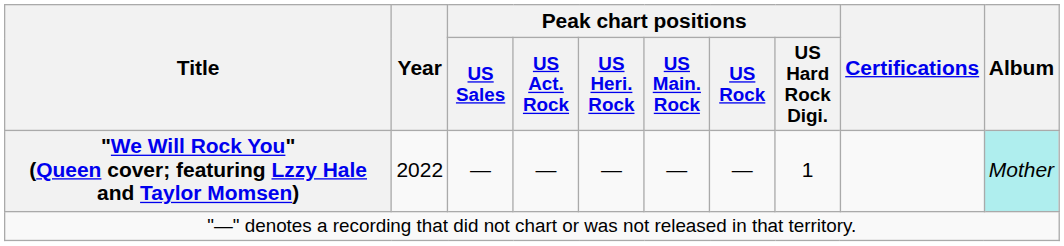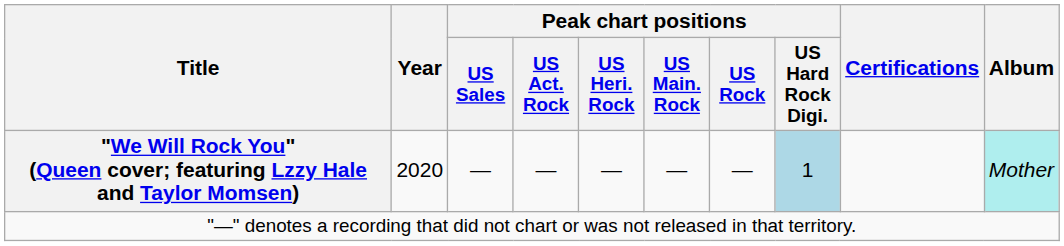 <table class="wikitable plainrowheaders" style="text-align:center;">
 <tr>
 <th scope="col" rowspan="2" style="width:18em;">Title</th>
 <th scope="col" rowspan="2">Year</th>
 <th scope="col" colspan="6">Peak chart positions</th>
 <th scope="col" rowspan="2"><a href='#'>Certifications</a></th>
 <th scope="col" rowspan="2">Album</th>
 </tr>
 <tr>
 <th scope="col" style="width:3em;font-size:90%;"><a href='#'>US<br>Sales</a><br></th>
 <th scope="col" style="width:3em;font-size:90%;"><a href='#'>US<br>Act.<br>Rock</a><br></th>
 <th scope="col" style="width:3em;font-size:90%;"><a href='#'>US<br>Heri.<br>Rock</a><br></th>
 <th scope="col" style="width:3em;font-size:90%;"><a href='#'>US<br>Main.<br>Rock</a><br></th>
 <th scope="col" style="width:3em;font-size:90%;"><a href='#'>US<br>Rock</a><br></th>
 <th scope="col" style="width:3em;font-size:90%;">US Hard Rock Digi.</th>
 </tr>
 <tr>
 <th scope="row">"<a href='#'>We Will Rock You</a>"<br><span>(<a href='#'>Queen</a> cover; featuring <a href='#'>Lzzy Hale</a> and <a href='#'>Taylor Momsen</a>)</span></th>
-<td>2022</td>
+<td>2020</td>
 <td>—</td>
 <td>—</td>
 <td>—</td>
 <td>—</td>
 <td>—</td>
-<td>1</td>
+<td style="background: lightblue;">1</td>
 <td></td>
 <td style="background: paleturquoise;"><em>Mother</em></td>
 </tr>
 <tr>
 <td colspan="10" style="font-size:90%">"—" denotes a recording that did not chart or was not released in that territory.</td>
 </tr>
 </table>
